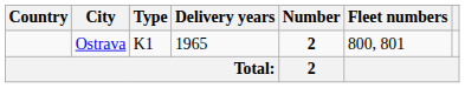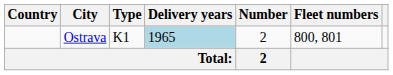 <table class="wikitable">
 <tr>
 <th>Country</th>
 <th>City</th>
 <th>Type</th>
 <th>Delivery years</th>
 <th>Number</th>
 <th>Fleet numbers</th>
 <th></th>
 </tr>
 <tr>
 <td></td>
 <td><a href='#'>Ostrava</a></td>
 <td>K1</td>
-<td>1965</td>
-<td align="center"><strong>2</strong></td>
+<td style="background: lightblue;">1965</td>
+<td align="center">2</td>
 <td>800, 801</td>
 <td></td>
 </tr>
 <tr>
 <th colspan=4 style="text-align:right">Total:</th>
 <th>2</th>
 <th colspan=3></th>
 </tr>
 </table>
